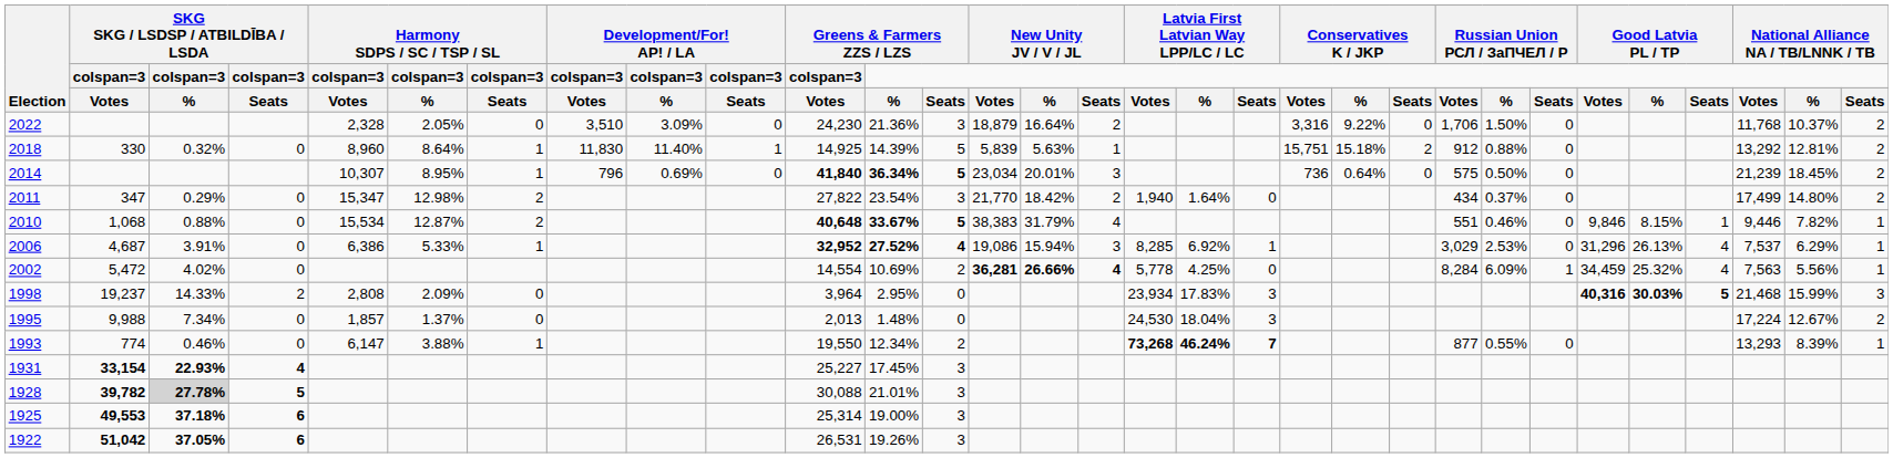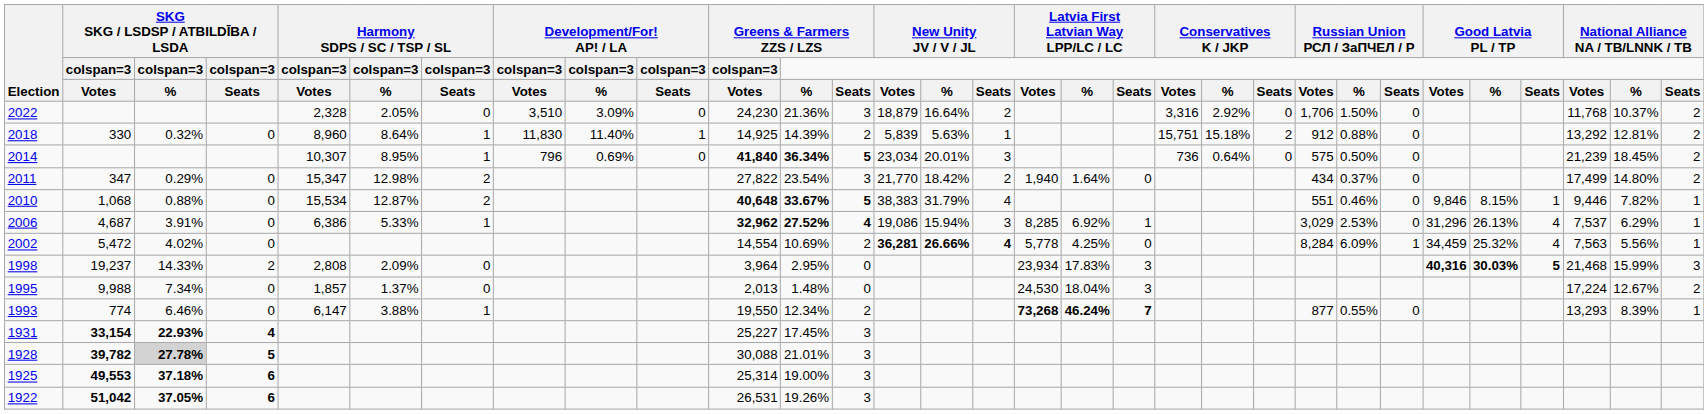 <table class="wikitable" border="1" style="font-size:80%; text-align:right;">
 <tr>
 <th style="text-align:left;" valign=bottom rowspan=3>Election</th>
 <th valign=bottom colspan=3><a href='#'>SKG</a><br>SKG / LSDSP / ATBILDĪBA / LSDA</th>
 <th valign=bottom colspan=3><a href='#'>Harmony</a><br>SDPS / SC / TSP / SL</th>
 <th valign=bottom colspan=3><a href='#'>Development/For!</a><br>AP! / LA</th>
 <th valign=bottom colspan=3><a href='#'>Greens & Farmers</a><br>ZZS / LZS</th>
 <th valign=bottom colspan=3><a href='#'>New Unity</a><br>JV / V / JL</th>
 <th valign=bottom colspan=3><a href='#'>Latvia First<br>Latvian Way</a><br>LPP/LC / LC</th>
 <th valign=bottom colspan=3><a href='#'>Conservatives</a><br>K / JKP</th>
 <th valign=bottom colspan=3><a href='#'>Russian Union</a><br>РСЛ / ЗаПЧЕЛ / P</th>
 <th valign=bottom colspan=3><a href='#'>Good Latvia</a><br>PL / TP</th>
 <th valign=bottom colspan=3><a href='#'>National Alliance</a><br>NA / TB/LNNK / TB</th>
 </tr>
 <tr>
 <th>colspan=3 </th>
 <th>colspan=3 </th>
 <th>colspan=3 </th>
 <th>colspan=3 </th>
 <th>colspan=3 </th>
 <th>colspan=3 </th>
 <th>colspan=3 </th>
 <th>colspan=3 </th>
 <th>colspan=3 </th>
 <th>colspan=3 </th>
 </tr>
 <tr>
 <th>Votes</th>
 <th>%</th>
 <th>Seats</th>
 <th>Votes</th>
 <th>%</th>
 <th>Seats</th>
 <th>Votes</th>
 <th>%</th>
 <th>Seats</th>
 <th>Votes</th>
 <th>%</th>
 <th>Seats</th>
 <th>Votes</th>
 <th>%</th>
 <th>Seats</th>
 <th>Votes</th>
 <th>%</th>
 <th>Seats</th>
 <th>Votes</th>
 <th>%</th>
 <th>Seats</th>
 <th>Votes</th>
 <th>%</th>
 <th>Seats</th>
 <th>Votes</th>
 <th>%</th>
 <th>Seats</th>
 <th>Votes</th>
 <th>%</th>
 <th>Seats</th>
 </tr>
 <tr>
 <td align=left><a href='#'>2022</a></td>
 <td></td>
 <td></td>
 <td></td>
 <td>2,328</td>
 <td>2.05%</td>
 <td>0</td>
 <td>3,510</td>
 <td>3.09%</td>
 <td>0</td>
 <td>24,230</td>
 <td>21.36%</td>
 <td>3</td>
 <td>18,879</td>
 <td>16.64%</td>
 <td>2</td>
 <td></td>
 <td></td>
 <td></td>
 <td>3,316</td>
-<td>9.22%</td>
+<td>2.92%</td>
 <td>0</td>
 <td>1,706</td>
 <td>1.50%</td>
 <td>0</td>
 <td></td>
 <td></td>
 <td></td>
 <td>11,768</td>
 <td>10.37%</td>
 <td>2</td>
 </tr>
 <tr>
 <td align=left><a href='#'>2018</a></td>
 <td>330</td>
 <td>0.32%</td>
 <td>0</td>
 <td>8,960</td>
 <td>8.64%</td>
 <td>1</td>
 <td>11,830</td>
 <td>11.40%</td>
 <td>1</td>
 <td>14,925</td>
 <td>14.39%</td>
-<td>5</td>
+<td>2</td>
 <td>5,839</td>
 <td>5.63%</td>
 <td>1</td>
 <td></td>
 <td></td>
 <td></td>
 <td>15,751</td>
 <td>15.18%</td>
 <td>2</td>
 <td>912</td>
 <td>0.88%</td>
 <td>0</td>
 <td></td>
 <td></td>
 <td></td>
 <td>13,292</td>
 <td>12.81%</td>
 <td>2</td>
 </tr>
 <tr>
 <td align=left><a href='#'>2014</a></td>
 <td></td>
 <td></td>
 <td></td>
 <td>10,307</td>
 <td>8.95%</td>
 <td>1</td>
 <td>796</td>
 <td>0.69%</td>
 <td>0</td>
 <td><strong>41,840</strong></td>
 <td><strong>36.34%</strong></td>
 <td><strong>5</strong></td>
 <td>23,034</td>
 <td>20.01%</td>
 <td>3</td>
 <td></td>
 <td></td>
 <td></td>
 <td>736</td>
 <td>0.64%</td>
 <td>0</td>
 <td>575</td>
 <td>0.50%</td>
 <td>0</td>
 <td></td>
 <td></td>
 <td></td>
 <td>21,239</td>
 <td>18.45%</td>
 <td>2</td>
 </tr>
 <tr>
 <td align=left><a href='#'>2011</a></td>
 <td>347</td>
 <td>0.29%</td>
 <td>0</td>
 <td>15,347</td>
 <td>12.98%</td>
 <td>2</td>
 <td></td>
 <td></td>
 <td></td>
 <td>27,822</td>
 <td>23.54%</td>
 <td>3</td>
 <td>21,770</td>
 <td>18.42%</td>
 <td>2</td>
 <td>1,940</td>
 <td>1.64%</td>
 <td>0</td>
 <td></td>
 <td></td>
 <td></td>
 <td>434</td>
 <td>0.37%</td>
 <td>0</td>
 <td></td>
 <td></td>
 <td></td>
 <td>17,499</td>
 <td>14.80%</td>
 <td>2</td>
 </tr>
 <tr>
 <td align=left><a href='#'>2010</a></td>
 <td>1,068</td>
 <td>0.88%</td>
 <td>0</td>
 <td>15,534</td>
 <td>12.87%</td>
 <td>2</td>
 <td></td>
 <td></td>
 <td></td>
 <td><strong>40,648</strong></td>
 <td><strong>33.67%</strong></td>
 <td><strong>5</strong></td>
 <td>38,383</td>
 <td>31.79%</td>
 <td>4</td>
 <td></td>
 <td></td>
 <td></td>
 <td></td>
 <td></td>
 <td></td>
 <td>551</td>
 <td>0.46%</td>
 <td>0</td>
 <td>9,846</td>
 <td>8.15%</td>
 <td>1</td>
 <td>9,446</td>
 <td>7.82%</td>
 <td>1</td>
 </tr>
 <tr>
 <td align=left><a href='#'>2006</a></td>
 <td>4,687</td>
 <td>3.91%</td>
 <td>0</td>
 <td>6,386</td>
 <td>5.33%</td>
 <td>1</td>
 <td></td>
 <td></td>
 <td></td>
-<td><strong>32,952</strong></td>
+<td><strong>32,962</strong></td>
 <td><strong>27.52%</strong></td>
 <td><strong>4</strong></td>
 <td>19,086</td>
 <td>15.94%</td>
 <td>3</td>
 <td>8,285</td>
 <td>6.92%</td>
 <td>1</td>
 <td></td>
 <td></td>
 <td></td>
 <td>3,029</td>
 <td>2.53%</td>
 <td>0</td>
 <td>31,296</td>
 <td>26.13%</td>
 <td>4</td>
 <td>7,537</td>
 <td>6.29%</td>
 <td>1</td>
 </tr>
 <tr>
 <td align=left><a href='#'>2002</a></td>
 <td>5,472</td>
 <td>4.02%</td>
 <td>0</td>
 <td></td>
 <td></td>
 <td></td>
 <td></td>
 <td></td>
 <td></td>
 <td>14,554</td>
 <td>10.69%</td>
 <td>2</td>
 <td><strong>36,281</strong></td>
 <td><strong>26.66%</strong></td>
 <td><strong>4</strong></td>
 <td>5,778</td>
 <td>4.25%</td>
 <td>0</td>
 <td></td>
 <td></td>
 <td></td>
 <td>8,284</td>
 <td>6.09%</td>
 <td>1</td>
 <td>34,459</td>
 <td>25.32%</td>
 <td>4</td>
 <td>7,563</td>
 <td>5.56%</td>
 <td>1</td>
 </tr>
 <tr>
 <td align=left><a href='#'>1998</a></td>
 <td>19,237</td>
 <td>14.33%</td>
 <td>2</td>
 <td>2,808</td>
 <td>2.09%</td>
 <td>0</td>
 <td></td>
 <td></td>
 <td></td>
 <td>3,964</td>
 <td>2.95%</td>
 <td>0</td>
 <td></td>
 <td></td>
 <td></td>
 <td>23,934</td>
 <td>17.83%</td>
 <td>3</td>
 <td></td>
 <td></td>
 <td></td>
 <td></td>
 <td></td>
 <td></td>
 <td><strong>40,316</strong></td>
 <td><strong>30.03%</strong></td>
 <td><strong>5</strong></td>
 <td>21,468</td>
 <td>15.99%</td>
 <td>3</td>
 </tr>
 <tr>
 <td align=left><a href='#'>1995</a></td>
 <td>9,988</td>
 <td>7.34%</td>
 <td>0</td>
 <td>1,857</td>
 <td>1.37%</td>
 <td>0</td>
 <td></td>
 <td></td>
 <td></td>
 <td>2,013</td>
 <td>1.48%</td>
 <td>0</td>
 <td></td>
 <td></td>
 <td></td>
 <td>24,530</td>
 <td>18.04%</td>
 <td>3</td>
 <td></td>
 <td></td>
 <td></td>
 <td></td>
 <td></td>
 <td></td>
 <td></td>
 <td></td>
 <td></td>
 <td>17,224</td>
 <td>12.67%</td>
 <td>2</td>
 </tr>
 <tr>
 <td align=left><a href='#'>1993</a></td>
 <td>774</td>
-<td>0.46%</td>
+<td>6.46%</td>
 <td>0</td>
 <td>6,147</td>
 <td>3.88%</td>
 <td>1</td>
 <td></td>
 <td></td>
 <td></td>
 <td>19,550</td>
 <td>12.34%</td>
 <td>2</td>
 <td></td>
 <td></td>
 <td></td>
 <td><strong>73,268</strong></td>
 <td><strong>46.24%</strong></td>
 <td><strong>7</strong></td>
 <td></td>
 <td></td>
 <td></td>
 <td>877</td>
 <td>0.55%</td>
 <td>0</td>
 <td></td>
 <td></td>
 <td></td>
 <td>13,293</td>
 <td>8.39%</td>
 <td>1</td>
 </tr>
 <tr>
 <td align=left><a href='#'>1931</a></td>
 <td><strong>33,154</strong></td>
 <td><strong>22.93%</strong></td>
 <td><strong>4</strong></td>
 <td></td>
 <td></td>
 <td></td>
 <td></td>
 <td></td>
 <td></td>
 <td>25,227</td>
 <td>17.45%</td>
 <td>3</td>
 <td></td>
 <td></td>
 <td></td>
 <td></td>
 <td></td>
 <td></td>
 <td></td>
 <td></td>
 <td></td>
 <td></td>
 <td></td>
 <td></td>
 <td></td>
 <td></td>
 <td></td>
 <td></td>
 <td></td>
 <td></td>
 </tr>
 <tr>
 <td align=left><a href='#'>1928</a></td>
 <td><strong>39,782</strong></td>
 <td style="background: lightgrey;"><strong>27.78%</strong></td>
 <td><strong>5</strong></td>
 <td></td>
 <td></td>
 <td></td>
 <td></td>
 <td></td>
 <td></td>
 <td>30,088</td>
 <td>21.01%</td>
 <td>3</td>
 <td></td>
 <td></td>
 <td></td>
 <td></td>
 <td></td>
 <td></td>
 <td></td>
 <td></td>
 <td></td>
 <td></td>
 <td></td>
 <td></td>
 <td></td>
 <td></td>
 <td></td>
 <td></td>
 <td></td>
 <td></td>
 </tr>
 <tr>
 <td align=left><a href='#'>1925</a></td>
 <td><strong>49,553</strong></td>
 <td><strong>37.18%</strong></td>
 <td><strong>6</strong></td>
 <td></td>
 <td></td>
 <td></td>
 <td></td>
 <td></td>
 <td></td>
 <td>25,314</td>
 <td>19.00%</td>
 <td>3</td>
 <td></td>
 <td></td>
 <td></td>
 <td></td>
 <td></td>
 <td></td>
 <td></td>
 <td></td>
 <td></td>
 <td></td>
 <td></td>
 <td></td>
 <td></td>
 <td></td>
 <td></td>
 <td></td>
 <td></td>
 <td></td>
 </tr>
 <tr>
 <td align=left><a href='#'>1922</a></td>
 <td><strong>51,042</strong></td>
 <td><strong>37.05%</strong></td>
 <td><strong>6</strong></td>
 <td></td>
 <td></td>
 <td></td>
 <td></td>
 <td></td>
 <td></td>
 <td>26,531</td>
 <td>19.26%</td>
 <td>3</td>
 <td></td>
 <td></td>
 <td></td>
 <td></td>
 <td></td>
 <td></td>
 <td></td>
 <td></td>
 <td></td>
 <td></td>
 <td></td>
 <td></td>
 <td></td>
 <td></td>
 <td></td>
 <td></td>
 <td></td>
 <td></td>
 </tr>
 </table>
